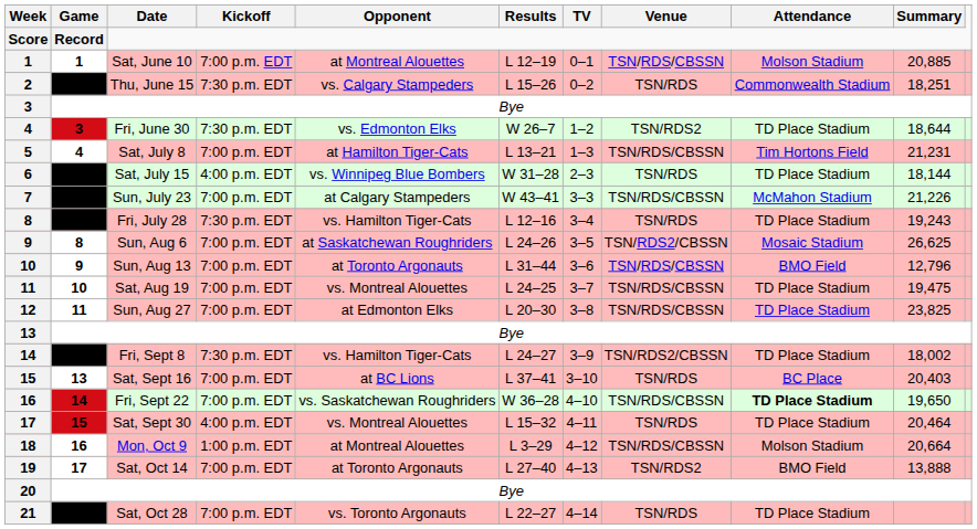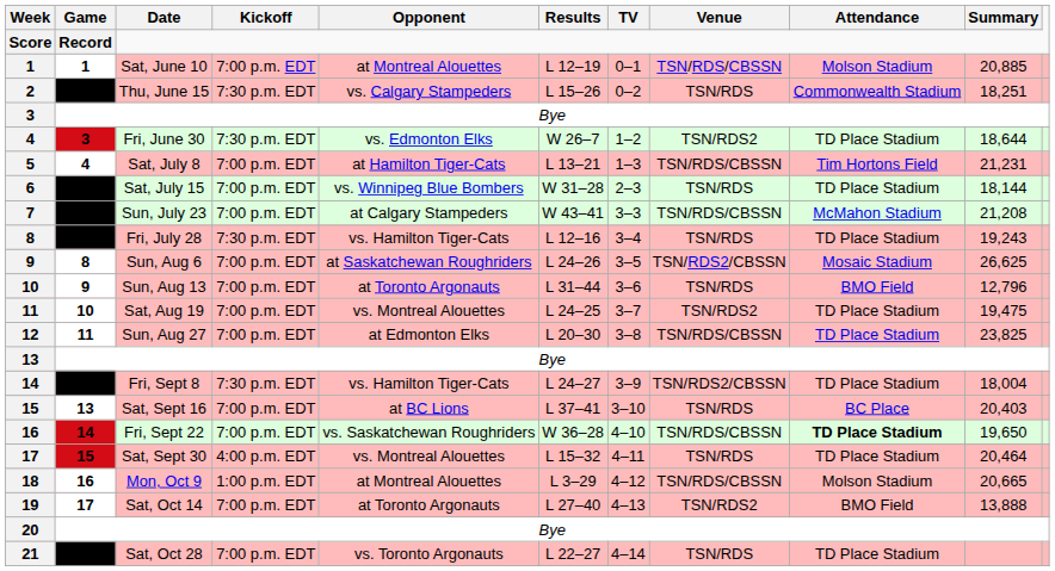 <table class="wikitable" style="font-size: 95%;">
 <tr>
 <th scope="col">Week</th>
 <th scope="col">Game</th>
 <th scope="col">Date</th>
 <th scope="col">Kickoff</th>
 <th scope="col">Opponent</th>
 <th scope="col">Results</th>
 <th scope="col">TV</th>
 <th scope="col">Venue</th>
 <th scope="col">Attendance</th>
 <th scope="col">Summary</th>
 </tr>
 <tr>
 <th scope="col">Score</th>
 <th scope="col">Record</th>
 </tr>
 <tr align="center" bgcolor="#ffbbbb">
 <th align="center"><strong>1</strong></th>
 <th style="text-align:center; background:white;"><span>1</span></th>
 <td align="center">Sat, June 10</td>
 <td align="center">7:00 p.m. <a href='#'>EDT</a></td>
 <td align="center">at <a href='#'>Montreal Alouettes</a></td>
 <td align="center">L 12–19</td>
 <td align="center">0–1</td>
 <td align="center"><a href='#'>TSN</a>/<a href='#'>RDS</a>/<a href='#'>CBSSN</a></td>
 <td align="center"><a href='#'>Molson Stadium</a></td>
 <td align="center">20,885</td>
 <td align="center"></td>
 </tr>
 <tr align="center" bgcolor="#ffbbbb">
 <th align="center"><strong>2</strong></th>
 <th style="text-align:center; background:black;"><span>2</span></th>
 <td align="center">Thu, June 15</td>
 <td align="center">7:30 p.m. EDT</td>
 <td align="center">vs. <a href='#'>Calgary Stampeders</a></td>
 <td align="center">L 15–26</td>
 <td align="center">0–2</td>
 <td align="center">TSN/RDS</td>
 <td align="center"><a href='#'>Commonwealth Stadium</a></td>
 <td align="center">18,251</td>
 <td align="center"></td>
 </tr>
 <tr align="center" bgcolor="#ffffff">
 <th align="center"><strong>3</strong></th>
 <td colspan=10 align="center" valign="middle"><em>Bye</em></td>
 </tr>
 <tr align="center" bgcolor="#ddffdd">
 <th align="center"><strong>4</strong></th>
 <th style="text-align:center; background:#D30C15;"><span>3</span></th>
 <td align="center">Fri, June 30</td>
 <td align="center">7:30 p.m. EDT</td>
 <td align="center">vs. <a href='#'>Edmonton Elks</a></td>
 <td align="center">W 26–7</td>
 <td align="center">1–2</td>
 <td align="center">TSN/RDS2</td>
 <td align="center">TD Place Stadium</td>
 <td align="center">18,644</td>
 <td align="center"></td>
 </tr>
 <tr align="center" bgcolor="#ffbbbb">
 <th align="center"><strong>5</strong></th>
 <th style="text-align:center; background:white;"><span>4</span></th>
 <td align="center">Sat, July 8</td>
 <td align="center">7:00 p.m. EDT</td>
 <td align="center">at <a href='#'>Hamilton Tiger-Cats</a></td>
 <td align="center">L 13–21</td>
 <td align="center">1–3</td>
 <td align="center">TSN/RDS/CBSSN</td>
 <td align="center"><a href='#'>Tim Hortons Field</a></td>
 <td align="center">21,231</td>
 <td align="center"></td>
 </tr>
 <tr align="center" bgcolor="#ddffdd">
 <th align="center"><strong>6</strong></th>
 <th style="text-align:center; background:black;"><span>5</span></th>
 <td align="center">Sat, July 15</td>
-<td align="center">4:00 p.m. EDT</td>
+<td align="center">7:00 p.m. EDT</td>
 <td align="center">vs. <a href='#'>Winnipeg Blue Bombers</a></td>
 <td align="center">W 31–28 </td>
 <td align="center">2–3</td>
 <td align="center">TSN/RDS</td>
 <td align="center">TD Place Stadium</td>
 <td align="center">18,144</td>
 <td align="center"></td>
 </tr>
 <tr align="center" bgcolor="#ddffdd">
 <th align="center"><strong>7</strong></th>
 <th style="text-align:center; background:black;"><span>6</span></th>
 <td align="center">Sun, July 23</td>
 <td align="center">7:00 p.m. EDT</td>
 <td align="center">at Calgary Stampeders</td>
 <td align="center">W 43–41 </td>
 <td align="center">3–3</td>
 <td align="center">TSN/RDS/CBSSN</td>
 <td align="center"><a href='#'>McMahon Stadium</a></td>
-<td align="center">21,226</td>
+<td align="center">21,208</td>
 <td align="center"></td>
 </tr>
 <tr align="center" bgcolor="#ffbbbb">
 <th align="center"><strong>8</strong></th>
 <th style="text-align:center; background:black;"><span>7</span></th>
 <td align="center">Fri, July 28</td>
 <td align="center">7:30 p.m. EDT</td>
 <td align="center">vs. Hamilton Tiger-Cats</td>
 <td align="center">L 12–16</td>
 <td align="center">3–4</td>
 <td align="center">TSN/RDS</td>
 <td align="center">TD Place Stadium</td>
 <td align="center">19,243</td>
 <td align="center"></td>
 </tr>
 <tr align="center" bgcolor="#ffbbbb">
 <th align="center"><strong>9</strong></th>
 <th style="text-align:center; background:white;"><span>8</span></th>
 <td align="center">Sun, Aug 6</td>
 <td align="center">7:00 p.m. EDT</td>
 <td align="center">at <a href='#'>Saskatchewan Roughriders</a></td>
 <td align="center">L 24–26</td>
 <td align="center">3–5</td>
 <td align="center">TSN/<a href='#'>RDS2</a>/CBSSN</td>
 <td align="center"><a href='#'>Mosaic Stadium</a></td>
 <td align="center">26,625</td>
 <td align="center"></td>
 </tr>
 <tr align="center" bgcolor="#ffbbbb">
 <th align="center"><strong>10</strong></th>
 <th style="text-align:center; background:white;"><span>9</span></th>
 <td align="center">Sun, Aug 13</td>
 <td align="center">7:00 p.m. EDT</td>
 <td align="center">at <a href='#'>Toronto Argonauts</a></td>
 <td align="center">L 31–44</td>
 <td align="center">3–6</td>
-<td align="center"><a href='#'>TSN</a>/<a href='#'>RDS</a>/<a href='#'>CBSSN</a></td>
+<td align="center">TSN/RDS</td>
 <td align="center"><a href='#'>BMO Field</a></td>
 <td align="center">12,796</td>
 <td align="center"></td>
 </tr>
 <tr align="center" bgcolor="#ffbbbb">
 <th align="center"><strong>11</strong></th>
 <th style="text-align:center; background:white;"><span>10</span></th>
 <td align="center">Sat, Aug 19</td>
 <td align="center">7:00 p.m. EDT</td>
 <td align="center">vs. Montreal Alouettes</td>
 <td align="center">L 24–25</td>
 <td align="center">3–7</td>
-<td align="center">TSN/RDS/CBSSN</td>
+<td align="center">TSN/RDS2</td>
 <td align="center">TD Place Stadium</td>
 <td align="center">19,475</td>
 <td align="center"></td>
 </tr>
 <tr align="center" bgcolor="#ffbbbb">
 <th align="center"><strong>12</strong></th>
 <th style="text-align:center; background:white;"><span>11</span></th>
 <td align="center">Sun, Aug 27</td>
 <td align="center">7:00 p.m. EDT</td>
 <td align="center">at Edmonton Elks</td>
 <td align="center">L 20–30</td>
 <td align="center">3–8</td>
 <td align="center">TSN/RDS/CBSSN</td>
 <td align="center"><a href='#'>TD Place Stadium</a></td>
 <td align="center">23,825</td>
 <td align="center"></td>
 </tr>
 <tr align="center" bgcolor="#ffffff">
 <th align="center"><strong>13</strong></th>
 <td colspan=10 align="center" valign="middle"><em>Bye</em></td>
 </tr>
 <tr align="center" bgcolor="#ffbbbb">
 <th align="center"><strong>14</strong></th>
 <th style="text-align:center; background:black;"><span>12</span></th>
 <td align="center">Fri, Sept 8</td>
 <td align="center">7:30 p.m. EDT</td>
 <td align="center">vs. Hamilton Tiger-Cats</td>
 <td align="center">L 24–27</td>
 <td align="center">3–9</td>
 <td align="center">TSN/RDS2/CBSSN</td>
 <td align="center">TD Place Stadium</td>
-<td align="center">18,002</td>
+<td align="center">18,004</td>
 <td align="center"></td>
 </tr>
 <tr align="center" bgcolor="#ffbbbb">
 <th align="center"><strong>15</strong></th>
 <th style="text-align:center; background:white;"><span>13</span></th>
 <td align="center">Sat, Sept 16</td>
 <td align="center">7:00 p.m. EDT</td>
 <td align="center">at <a href='#'>BC Lions</a></td>
 <td align="center">L 37–41</td>
 <td align="center">3–10</td>
 <td align="center">TSN/RDS</td>
 <td align="center"><a href='#'>BC Place</a></td>
 <td align="center">20,403</td>
 <td align="center"></td>
 </tr>
 <tr align="center" bgcolor="#ddffdd">
 <th align="center"><strong>16</strong></th>
 <th style="text-align:center; background:#D30C15;"><span>14</span></th>
 <td align="center">Fri, Sept 22</td>
 <td align="center">7:00 p.m. EDT</td>
 <td align="center">vs. Saskatchewan Roughriders</td>
 <td align="center">W 36–28</td>
 <td align="center">4–10</td>
 <td align="center">TSN/RDS/CBSSN</td>
 <td align="center"><strong>TD Place Stadium</strong></td>
 <td align="center">19,650</td>
 <td align="center"></td>
 </tr>
 <tr align="center" bgcolor="#ffbbbb">
 <th align="center"><strong>17</strong></th>
 <th style="text-align:center; background:#D30C15;"><span>15</span></th>
 <td align="center">Sat, Sept 30</td>
 <td align="center">4:00 p.m. EDT</td>
 <td align="center">vs. Montreal Alouettes</td>
 <td align="center">L 15–32</td>
 <td align="center">4–11</td>
 <td align="center">TSN/RDS</td>
 <td align="center">TD Place Stadium</td>
 <td align="center">20,464</td>
 <td align="center"></td>
 </tr>
 <tr align="center" bgcolor="#ffbbbb">
 <th align="center"><strong>18</strong></th>
 <th style="text-align:center; background:white;"><span>16</span></th>
 <td align="center"><a href='#'>Mon, Oct 9</a></td>
 <td align="center">1:00 p.m. EDT</td>
 <td align="center">at Montreal Alouettes</td>
 <td align="center">L 3–29</td>
 <td align="center">4–12</td>
 <td align="center">TSN/RDS/CBSSN</td>
 <td align="center">Molson Stadium</td>
-<td align="center">20,664</td>
+<td align="center">20,665</td>
 <td align="center"></td>
 </tr>
 <tr align="center" bgcolor="#ffbbbb">
 <th align="center"><strong>19</strong></th>
 <th style="text-align:center; background:white;"><span>17</span></th>
 <td align="center">Sat, Oct 14</td>
 <td align="center">7:00 p.m. EDT</td>
 <td align="center">at Toronto Argonauts</td>
 <td align="center">L 27–40</td>
 <td align="center">4–13</td>
 <td align="center">TSN/RDS2</td>
 <td align="center">BMO Field</td>
 <td align="center">13,888</td>
 <td align="center"></td>
 </tr>
 <tr align="center" bgcolor="#ffffff">
 <th align="center"><strong>20</strong></th>
 <td colspan=10 align="center" valign="middle"><em>Bye</em></td>
 </tr>
 <tr align="center" bgcolor="#ffbbbb">
 <th align="center"><strong>21</strong></th>
 <th style="text-align:center; background:black;"><span>18</span></th>
 <td align="center">Sat, Oct 28</td>
 <td align="center">7:00 p.m. EDT</td>
 <td align="center">vs. Toronto Argonauts</td>
 <td align="center">L 22–27</td>
 <td align="center">4–14</td>
 <td align="center">TSN/RDS</td>
 <td align="center">TD Place Stadium</td>
 <td align="center"></td>
 <td align="center"></td>
 </tr>
 </table>
